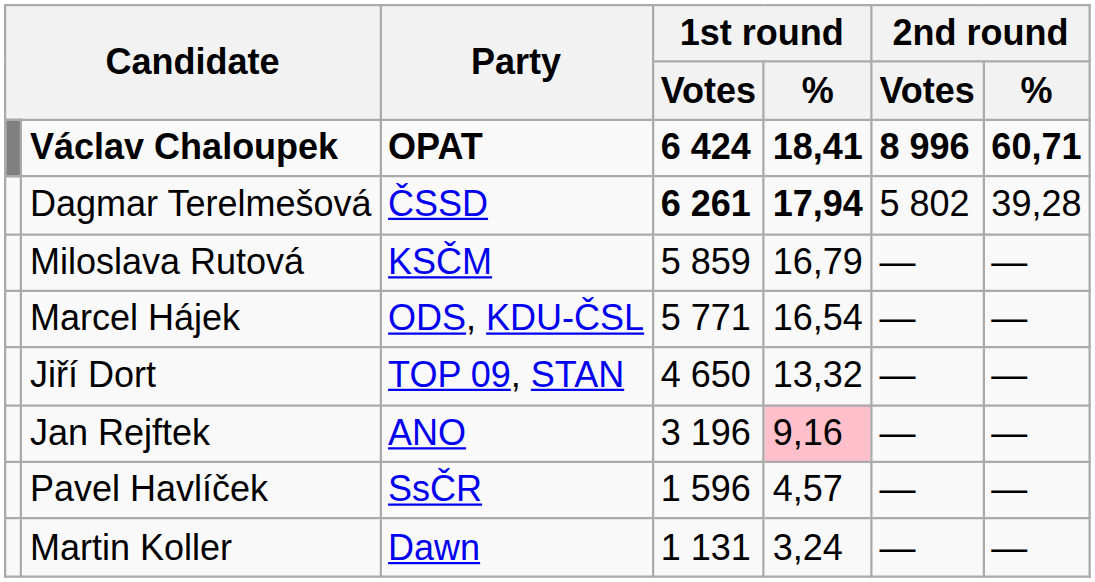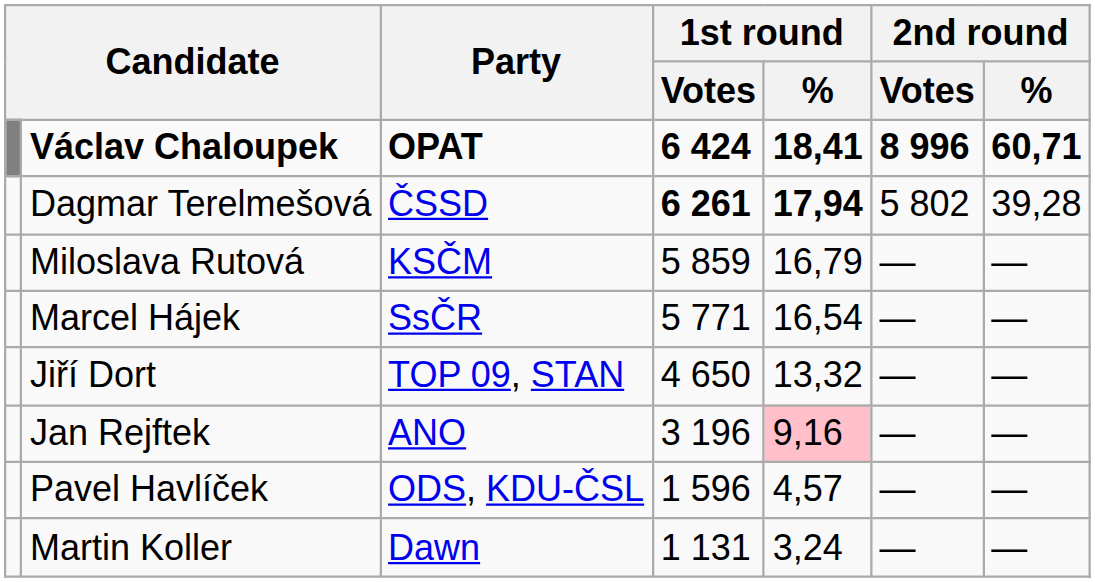 <table class="wikitable sortable">
 <tr>
 <th colspan="2" rowspan="2">Candidate</th>
 <th rowspan="2">Party</th>
 <th colspan="2">1st round</th>
 <th colspan="2">2nd round</th>
 </tr>
 <tr>
 <th>Votes</th>
 <th>%</th>
 <th>Votes</th>
 <th>%</th>
 </tr>
 <tr>
 <td style="background-color:gray;"></td>
 <td><strong>Václav Chaloupek</strong></td>
 <td><strong>OPAT</strong></td>
 <td><strong>6 424</strong></td>
 <td><strong>18,41</strong></td>
 <td><strong>8 996</strong></td>
 <td><strong>60,71</strong></td>
 </tr>
 <tr>
 <td style="background-color:"></td>
 <td>Dagmar Terelmešová</td>
 <td><a href='#'>ČSSD</a></td>
 <td><strong>6 261</strong></td>
 <td><strong>17,94</strong></td>
 <td>5 802</td>
 <td>39,28</td>
 </tr>
 <tr>
 <td style="background-color:"></td>
 <td>Miloslava Rutová</td>
 <td><a href='#'>KSČM</a></td>
 <td>5 859</td>
 <td>16,79</td>
 <td>—</td>
 <td>—</td>
 </tr>
 <tr>
 <td style="background-color:"></td>
 <td>Marcel Hájek</td>
-<td><a href='#'>ODS</a>, <a href='#'>KDU-ČSL</a></td>
+<td><a href='#'>SsČR</a></td>
 <td>5 771</td>
 <td>16,54</td>
 <td>—</td>
 <td>—</td>
 </tr>
 <tr>
 <td style="background-color:"></td>
 <td>Jiří Dort</td>
 <td><a href='#'>TOP 09</a>, <a href='#'>STAN</a></td>
 <td>4 650</td>
 <td>13,32</td>
 <td>—</td>
 <td>—</td>
 </tr>
 <tr>
 <td style="background-color:"></td>
 <td>Jan Rejftek</td>
 <td><a href='#'>ANO</a></td>
 <td>3 196</td>
 <td style="background: pink;">9,16</td>
 <td>—</td>
 <td>—</td>
 </tr>
 <tr>
 <td style="background-color:"></td>
 <td>Pavel Havlíček</td>
-<td><a href='#'>SsČR</a></td>
+<td><a href='#'>ODS</a>, <a href='#'>KDU-ČSL</a></td>
 <td>1 596</td>
 <td>4,57</td>
 <td>—</td>
 <td>—</td>
 </tr>
 <tr>
 <td style="background-color:"></td>
 <td>Martin Koller</td>
 <td><a href='#'>Dawn</a></td>
 <td>1 131</td>
 <td>3,24</td>
 <td>—</td>
 <td>—</td>
 </tr>
 </table>
